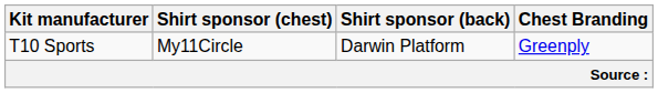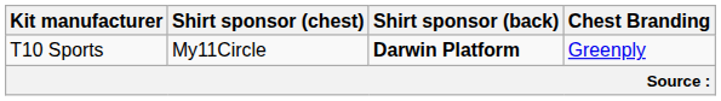 <table class="wikitable"  style="font-size:85%;">
 <tr>
 <th>Kit manufacturer</th>
 <th>Shirt sponsor (chest)</th>
 <th>Shirt sponsor (back)</th>
 <th>Chest Branding</th>
 </tr>
 <tr>
 <td>T10 Sports</td>
 <td>My11Circle</td>
-<td>Darwin Platform</td>
+<td><strong>Darwin Platform</strong></td>
 <td><a href='#'>Greenply</a></td>
 </tr>
 <tr>
 <th colspan="4" style="text-align:right;"><small> Source :</small></th>
 </tr>
 </table>
